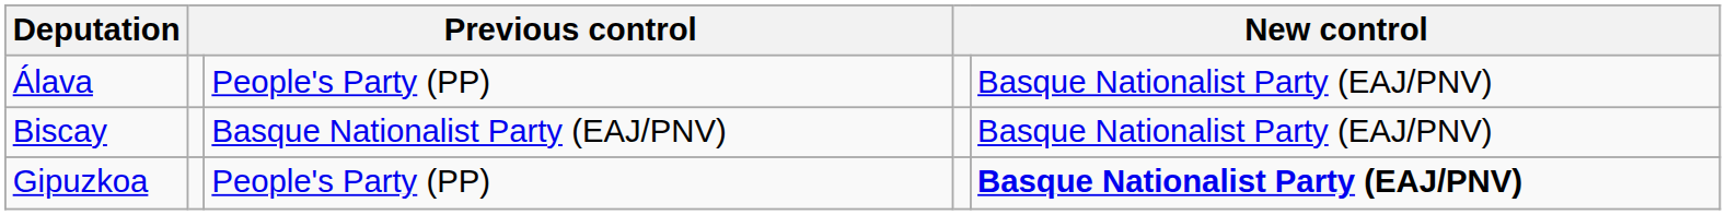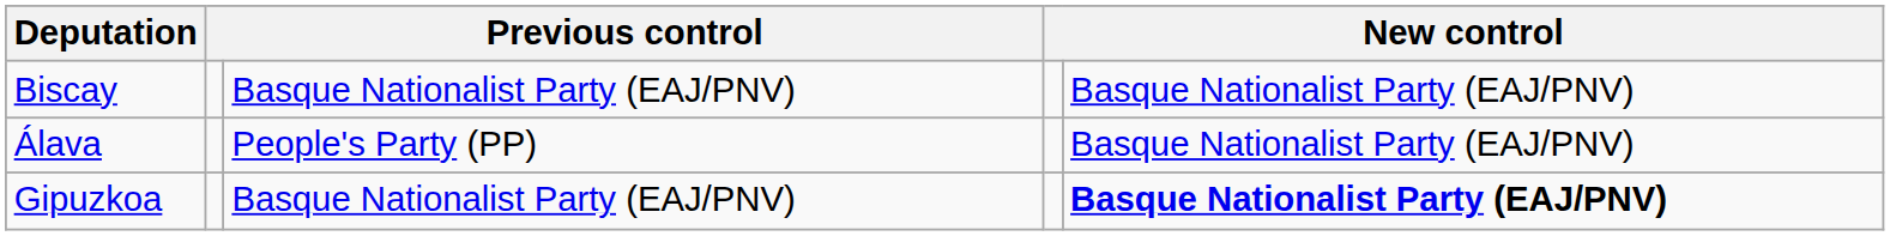 <table class="wikitable sortable">
 <tr>
 <th>Deputation</th>
 <th colspan="2" style="width:375px;">Previous control</th>
 <th colspan="2" style="width:375px;">New control</th>
+</tr>
+<tr>
+<td><a href='#'>Biscay</a></td>
+<td style="color:inherit;background:"></td>
+<td><a href='#'>Basque Nationalist Party</a> (EAJ/PNV)</td>
+<td style="color:inherit;background:"></td>
+<td><a href='#'>Basque Nationalist Party</a> (EAJ/PNV)</td>
 </tr>
 <tr>
 <td><a href='#'>Álava</a></td>
 <td width="1" style="color:inherit;background:"></td>
 <td><a href='#'>People's Party</a> (PP)</td>
 <td width="1" style="color:inherit;background:"></td>
 <td><a href='#'>Basque Nationalist Party</a> (EAJ/PNV)</td>
 </tr>
 <tr>
-<td><a href='#'>Biscay</a></td>
+<td><a href='#'>Gipuzkoa</a></td>
 <td style="color:inherit;background:"></td>
 <td><a href='#'>Basque Nationalist Party</a> (EAJ/PNV)</td>
-<td style="color:inherit;background:"></td>
-<td><a href='#'>Basque Nationalist Party</a> (EAJ/PNV)</td>
-</tr>
-<tr>
-<td><a href='#'>Gipuzkoa</a></td>
-<td style="color:inherit;background:"></td>
-<td><a href='#'>People's Party</a> (PP)</td>
 <td style="color:inherit;background:"></td>
 <td><strong><a href='#'>Basque Nationalist Party</a> (EAJ/PNV)</strong></td>
 </tr>
 </table>
